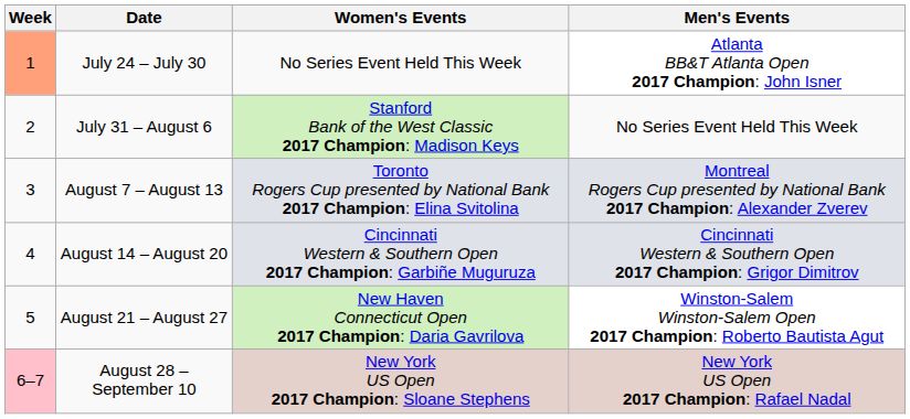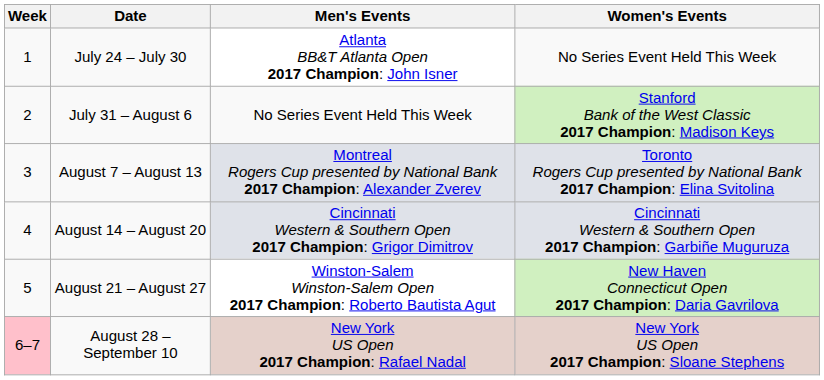 <table class="wikitable">
 <tr>
 <th width=30>Week</th>
 <th width=175>Date</th>
+<th width=350>Men's Events</th>
 <th width=350>Women's Events</th>
-<th width=350>Men's Events</th>
 </tr>
 <tr align=center>
-<td style="background: lightsalmon;">1</td>
+<td>1</td>
 <td>July 24 – July 30</td>
+<td bgcolor="#ffffff"><a href='#'>Atlanta</a><br><em>BB&T Atlanta Open</em><br><strong>2017 Champion</strong>:  <a href='#'>John Isner</a></td>
 <td>No Series Event Held This Week</td>
-<td bgcolor="#ffffff"><a href='#'>Atlanta</a><br><em>BB&T Atlanta Open</em><br><strong>2017 Champion</strong>:  <a href='#'>John Isner</a></td>
 </tr>
 <tr align=center>
 <td>2</td>
 <td>July 31 – August 6</td>
+<td>No Series Event Held This Week</td>
 <td bgcolor=#d0f0c0><a href='#'>Stanford</a><br><em>Bank of the West Classic</em><br><strong>2017 Champion</strong>:  <a href='#'>Madison Keys</a></td>
-<td>No Series Event Held This Week</td>
 </tr>
 <tr align=center>
 <td>3</td>
 <td>August 7 – August 13</td>
+<td bgcolor=#dfe2e9><a href='#'>Montreal</a><br><em>Rogers Cup presented by National Bank</em><br><strong>2017 Champion</strong>:  <a href='#'>Alexander Zverev</a></td>
 <td bgcolor=#dfe2e9><a href='#'>Toronto</a><br><em>Rogers Cup presented by National Bank</em><br><strong>2017 Champion</strong>:  <a href='#'>Elina Svitolina</a></td>
-<td bgcolor=#dfe2e9><a href='#'>Montreal</a><br><em>Rogers Cup presented by National Bank</em><br><strong>2017 Champion</strong>:  <a href='#'>Alexander Zverev</a></td>
 </tr>
 <tr align=center>
 <td>4</td>
 <td>August 14 – August 20</td>
+<td bgcolor=#dfe2e9><a href='#'>Cincinnati</a><br><em>Western & Southern Open</em><br><strong>2017 Champion</strong>:  <a href='#'>Grigor Dimitrov</a></td>
 <td bgcolor=#dfe2e9><a href='#'>Cincinnati</a><br><em>Western & Southern Open</em><br><strong>2017 Champion</strong>:  <a href='#'>Garbiñe Muguruza</a></td>
-<td bgcolor=#dfe2e9><a href='#'>Cincinnati</a><br><em>Western & Southern Open</em><br><strong>2017 Champion</strong>:  <a href='#'>Grigor Dimitrov</a></td>
 </tr>
 <tr align=center>
 <td>5</td>
 <td>August 21 – August 27</td>
+<td bgcolor=#ffffff><a href='#'>Winston-Salem</a><br> <em>Winston-Salem Open</em><br><strong>2017 Champion</strong>:  <a href='#'>Roberto Bautista Agut</a></td>
 <td bgcolor=#d0f0c0><a href='#'>New Haven</a><br> <em>Connecticut Open</em><br><strong>2017 Champion</strong>:  <a href='#'>Daria Gavrilova</a></td>
-<td bgcolor=#ffffff><a href='#'>Winston-Salem</a><br> <em>Winston-Salem Open</em><br><strong>2017 Champion</strong>:  <a href='#'>Roberto Bautista Agut</a></td>
 </tr>
 <tr align=center>
 <td style="background: pink;">6–7</td>
 <td>August 28 – September 10</td>
+<td bgcolor=#e5d1cb><a href='#'>New York</a><br> <em>US Open</em><br><strong>2017 Champion</strong>:  <a href='#'>Rafael Nadal</a></td>
 <td bgcolor="e5d1cb"><a href='#'>New York</a><br> <em>US Open</em><br><strong>2017 Champion</strong>:   <a href='#'>Sloane Stephens</a></td>
-<td bgcolor=#e5d1cb><a href='#'>New York</a><br> <em>US Open</em><br><strong>2017 Champion</strong>:  <a href='#'>Rafael Nadal</a></td>
 </tr>
 </table>
